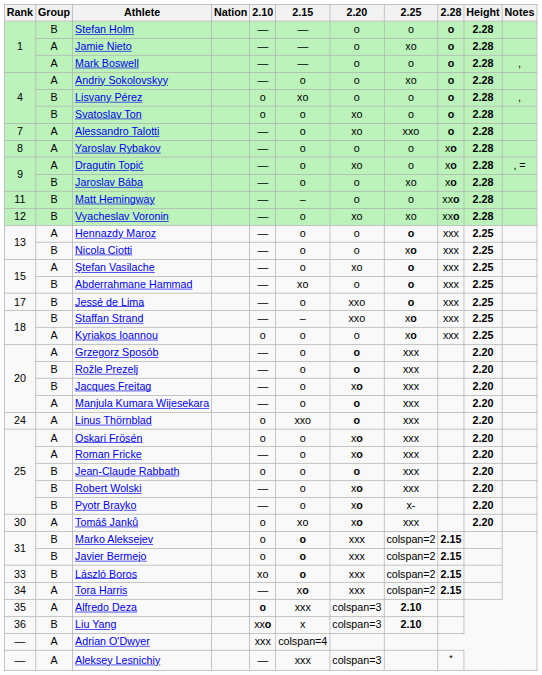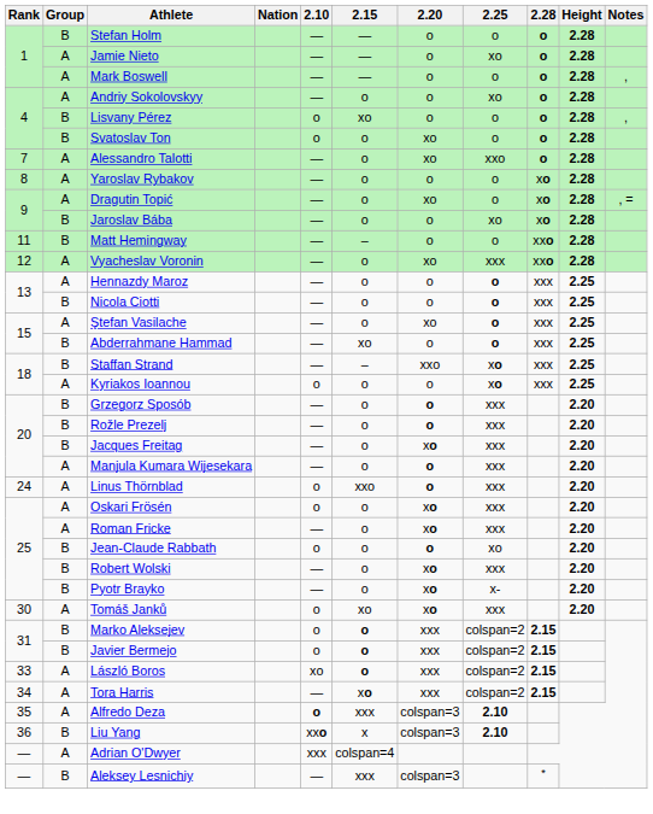 <table class="wikitable sortable" style="text-align:center">
 <tr>
 <th>Rank</th>
 <th>Group</th>
 <th>Athlete</th>
 <th>Nation</th>
 <th>2.10</th>
 <th>2.15</th>
 <th>2.20</th>
 <th>2.25</th>
 <th>2.28</th>
 <th>Height</th>
 <th>Notes</th>
 </tr>
 <tr bgcolor=bbf3bb>
 <td rowspan=3>1</td>
 <td>B</td>
 <td align="left"><a href='#'>Stefan Holm</a></td>
 <td align="left"></td>
 <td>—</td>
 <td>—</td>
 <td>o</td>
 <td>o</td>
 <td><strong>o</strong></td>
 <td><strong>2.28</strong></td>
 <td></td>
 </tr>
 <tr bgcolor=bbf3bb>
 <td>A</td>
 <td align="left"><a href='#'>Jamie Nieto</a></td>
 <td align="left"></td>
 <td>—</td>
 <td>—</td>
 <td>o</td>
 <td>xo</td>
 <td><strong>o</strong></td>
 <td><strong>2.28</strong></td>
 <td></td>
 </tr>
 <tr bgcolor=bbf3bb>
 <td>A</td>
 <td align="left"><a href='#'>Mark Boswell</a></td>
 <td align="left"></td>
 <td>—</td>
 <td>—</td>
 <td>o</td>
 <td>o</td>
 <td><strong>o</strong></td>
 <td><strong>2.28</strong></td>
 <td>, </td>
 </tr>
 <tr bgcolor=bbf3bb>
 <td rowspan=3>4</td>
 <td>A</td>
 <td align="left"><a href='#'>Andriy Sokolovskyy</a></td>
 <td align="left"></td>
 <td>—</td>
 <td>o</td>
 <td>o</td>
 <td>xo</td>
 <td><strong>o</strong></td>
 <td><strong>2.28</strong></td>
 <td></td>
 </tr>
 <tr bgcolor=bbf3bb>
 <td>B</td>
 <td align="left"><a href='#'>Lisvany Pérez</a></td>
 <td align="left"></td>
 <td>o</td>
 <td>xo</td>
 <td>o</td>
 <td>o</td>
 <td><strong>o</strong></td>
 <td><strong>2.28</strong></td>
 <td>, </td>
 </tr>
 <tr bgcolor=bbf3bb>
 <td>B</td>
 <td align="left"><a href='#'>Svatoslav Ton</a></td>
 <td align="left"></td>
 <td>o</td>
 <td>o</td>
 <td>xo</td>
 <td>o</td>
 <td><strong>o</strong></td>
 <td><strong>2.28</strong></td>
 <td></td>
 </tr>
 <tr bgcolor=bbf3bb>
 <td>7</td>
 <td>A</td>
 <td align="left"><a href='#'>Alessandro Talotti</a></td>
 <td align="left"></td>
 <td>—</td>
 <td>o</td>
 <td>xo</td>
 <td>xxo</td>
 <td><strong>o</strong></td>
 <td><strong>2.28</strong></td>
 <td></td>
 </tr>
 <tr bgcolor=bbf3bb>
 <td>8</td>
 <td>A</td>
 <td align="left"><a href='#'>Yaroslav Rybakov</a></td>
 <td align="left"></td>
 <td>—</td>
 <td>o</td>
 <td>o</td>
 <td>o</td>
 <td>x<strong>o</strong></td>
 <td><strong>2.28</strong></td>
 <td></td>
 </tr>
 <tr bgcolor=bbf3bb>
 <td rowspan=2>9</td>
 <td>A</td>
 <td align="left"><a href='#'>Dragutin Topić</a></td>
 <td align="left"></td>
 <td>—</td>
 <td>o</td>
 <td>xo</td>
 <td>o</td>
 <td>x<strong>o</strong></td>
 <td><strong>2.28</strong></td>
 <td>, =</td>
 </tr>
 <tr bgcolor=bbf3bb>
 <td>B</td>
 <td align="left"><a href='#'>Jaroslav Bába</a></td>
 <td align="left"></td>
 <td>—</td>
 <td>o</td>
 <td>o</td>
 <td>xo</td>
 <td>x<strong>o</strong></td>
 <td><strong>2.28</strong></td>
 <td></td>
 </tr>
 <tr bgcolor=bbf3bb>
 <td>11</td>
 <td>B</td>
 <td align="left"><a href='#'>Matt Hemingway</a></td>
 <td align="left"></td>
 <td>—</td>
 <td>–</td>
 <td>o</td>
 <td>o</td>
 <td>xx<strong>o</strong></td>
 <td><strong>2.28</strong></td>
 <td></td>
 </tr>
 <tr bgcolor=bbf3bb>
 <td>12</td>
-<td>B</td>
+<td>A</td>
 <td align="left"><a href='#'>Vyacheslav Voronin</a></td>
 <td align="left"></td>
 <td>—</td>
 <td>o</td>
 <td>xo</td>
-<td>xo</td>
+<td>xxx</td>
 <td>xx<strong>o</strong></td>
 <td><strong>2.28</strong></td>
 <td></td>
 </tr>
 <tr>
 <td rowspan=2>13</td>
 <td>A</td>
 <td align="left"><a href='#'>Hennazdy Maroz</a></td>
 <td align="left"></td>
 <td>—</td>
 <td>o</td>
 <td>o</td>
 <td><strong>o</strong></td>
 <td>xxx</td>
 <td><strong>2.25</strong></td>
 <td></td>
 </tr>
 <tr>
 <td>B</td>
 <td align="left"><a href='#'>Nicola Ciotti</a></td>
 <td align="left"></td>
 <td>—</td>
 <td>o</td>
 <td>o</td>
-<td>x<strong>o</strong></td>
+<td><strong>o</strong></td>
 <td>xxx</td>
 <td><strong>2.25</strong></td>
 <td></td>
 </tr>
 <tr>
 <td rowspan=2>15</td>
 <td>A</td>
 <td align="left"><a href='#'>Ştefan Vasilache</a></td>
 <td align="left"></td>
 <td>—</td>
 <td>o</td>
 <td>xo</td>
 <td><strong>o</strong></td>
 <td>xxx</td>
 <td><strong>2.25</strong></td>
 <td></td>
 </tr>
 <tr>
 <td>B</td>
 <td align="left"><a href='#'>Abderrahmane Hammad</a></td>
 <td align="left"></td>
 <td>—</td>
 <td>xo</td>
 <td>o</td>
-<td><strong>o</strong></td>
-<td>xxx</td>
-<td><strong>2.25</strong></td>
-<td></td>
-</tr>
-<tr>
-<td>17</td>
-<td>B</td>
-<td align="left"><a href='#'>Jessé de Lima</a></td>
-<td align="left"></td>
-<td>—</td>
-<td>o</td>
-<td>xxo</td>
 <td><strong>o</strong></td>
 <td>xxx</td>
 <td><strong>2.25</strong></td>
 <td></td>
 </tr>
 <tr>
 <td rowspan=2>18</td>
 <td>B</td>
 <td align="left"><a href='#'>Staffan Strand</a></td>
 <td align="left"></td>
 <td>—</td>
 <td>–</td>
 <td>xxo</td>
 <td>x<strong>o</strong></td>
 <td>xxx</td>
 <td><strong>2.25</strong></td>
 <td></td>
 </tr>
 <tr>
 <td>A</td>
 <td align="left"><a href='#'>Kyriakos Ioannou</a></td>
 <td align="left"></td>
 <td>o</td>
 <td>o</td>
 <td>o</td>
 <td>x<strong>o</strong></td>
 <td>xxx</td>
 <td><strong>2.25</strong></td>
 <td></td>
 </tr>
 <tr>
 <td rowspan=4>20</td>
-<td>A</td>
+<td>B</td>
 <td align="left"><a href='#'>Grzegorz Sposób</a></td>
 <td align="left"></td>
 <td>—</td>
 <td>o</td>
 <td><strong>o</strong></td>
 <td>xxx</td>
 <td></td>
 <td><strong>2.20</strong></td>
 <td></td>
 </tr>
 <tr>
 <td>B</td>
 <td align="left"><a href='#'>Rožle Prezelj</a></td>
 <td align="left"></td>
 <td>—</td>
 <td>o</td>
 <td><strong>o</strong></td>
 <td>xxx</td>
 <td></td>
 <td><strong>2.20</strong></td>
 <td></td>
 </tr>
 <tr>
 <td>B</td>
 <td align="left"><a href='#'>Jacques Freitag</a></td>
 <td align="left"></td>
 <td>—</td>
 <td>o</td>
 <td>x<strong>o</strong></td>
 <td>xxx</td>
 <td></td>
 <td><strong>2.20</strong></td>
 <td></td>
 </tr>
 <tr>
 <td>A</td>
 <td align="left"><a href='#'>Manjula Kumara Wijesekara</a></td>
 <td align="left"></td>
 <td>—</td>
 <td>o</td>
 <td><strong>o</strong></td>
 <td>xxx</td>
 <td></td>
 <td><strong>2.20</strong></td>
 <td></td>
 </tr>
 <tr>
 <td>24</td>
 <td>A</td>
 <td align="left"><a href='#'>Linus Thörnblad</a></td>
 <td align="left"></td>
 <td>o</td>
 <td>xxo</td>
 <td><strong>o</strong></td>
 <td>xxx</td>
 <td></td>
 <td><strong>2.20</strong></td>
 <td></td>
 </tr>
 <tr>
 <td rowspan=5>25</td>
 <td>A</td>
 <td align="left"><a href='#'>Oskari Frösén</a></td>
 <td align="left"></td>
 <td>o</td>
 <td>o</td>
 <td>x<strong>o</strong></td>
 <td>xxx</td>
 <td></td>
 <td><strong>2.20</strong></td>
 <td></td>
 </tr>
 <tr>
 <td>A</td>
 <td align="left"><a href='#'>Roman Fricke</a></td>
 <td align="left"></td>
 <td>—</td>
 <td>o</td>
 <td>x<strong>o</strong></td>
 <td>xxx</td>
 <td></td>
 <td><strong>2.20</strong></td>
 <td></td>
 </tr>
 <tr>
 <td>B</td>
 <td align="left"><a href='#'>Jean-Claude Rabbath</a></td>
 <td align="left"></td>
 <td>o</td>
 <td>o</td>
 <td><strong>o</strong></td>
-<td>xxx</td>
+<td>xo</td>
 <td></td>
 <td><strong>2.20</strong></td>
 <td></td>
 </tr>
 <tr>
 <td>B</td>
 <td align="left"><a href='#'>Robert Wolski</a></td>
 <td align="left"></td>
 <td>—</td>
 <td>o</td>
 <td>x<strong>o</strong></td>
 <td>xxx</td>
 <td></td>
 <td><strong>2.20</strong></td>
 <td></td>
 </tr>
 <tr>
 <td>B</td>
 <td align="left"><a href='#'>Pyotr Brayko</a></td>
 <td align="left"></td>
 <td>—</td>
 <td>o</td>
 <td>x<strong>o</strong></td>
 <td>x-</td>
 <td></td>
 <td><strong>2.20</strong></td>
 <td></td>
 </tr>
 <tr>
 <td>30</td>
 <td>A</td>
 <td align="left"><a href='#'>Tomáš Janků</a></td>
 <td align="left"></td>
 <td>o</td>
 <td>xo</td>
 <td>x<strong>o</strong></td>
 <td>xxx</td>
 <td></td>
 <td><strong>2.20</strong></td>
 <td></td>
 </tr>
 <tr>
 <td rowspan=2>31</td>
 <td>B</td>
 <td align="left"><a href='#'>Marko Aleksejev</a></td>
 <td align="left"></td>
 <td>o</td>
 <td><strong>o</strong></td>
 <td>xxx</td>
 <td>colspan=2 </td>
 <td><strong>2.15</strong></td>
 <td></td>
 </tr>
 <tr>
 <td>B</td>
 <td align="left"><a href='#'>Javier Bermejo</a></td>
 <td align="left"></td>
 <td>o</td>
 <td><strong>o</strong></td>
 <td>xxx</td>
 <td>colspan=2 </td>
 <td><strong>2.15</strong></td>
 <td></td>
 </tr>
 <tr>
 <td>33</td>
-<td>B</td>
+<td>A</td>
 <td align="left"><a href='#'>László Boros</a></td>
 <td align="left"></td>
 <td>xo</td>
 <td><strong>o</strong></td>
 <td>xxx</td>
 <td>colspan=2 </td>
 <td><strong>2.15</strong></td>
 <td></td>
 </tr>
 <tr>
 <td>34</td>
 <td>A</td>
 <td align="left"><a href='#'>Tora Harris</a></td>
 <td align="left"></td>
 <td>—</td>
 <td>x<strong>o</strong></td>
 <td>xxx</td>
 <td>colspan=2 </td>
 <td><strong>2.15</strong></td>
 <td></td>
 </tr>
 <tr>
 <td>35</td>
 <td>A</td>
 <td align="left"><a href='#'>Alfredo Deza</a></td>
 <td align="left"></td>
 <td><strong>o</strong></td>
 <td>xxx</td>
 <td>colspan=3 </td>
 <td><strong>2.10</strong></td>
 <td></td>
 </tr>
 <tr>
 <td>36</td>
 <td>B</td>
 <td align="left"><a href='#'>Liu Yang</a></td>
 <td align="left"></td>
 <td>xx<strong>o</strong></td>
 <td>x</td>
 <td>colspan=3 </td>
 <td><strong>2.10</strong></td>
 <td></td>
 </tr>
 <tr>
 <td data-sort-value=37>—</td>
 <td>A</td>
 <td align="left"><a href='#'>Adrian O'Dwyer</a></td>
 <td align="left"></td>
 <td>xxx</td>
 <td>colspan=4 </td>
 <td><strong></strong></td>
 <td></td>
 </tr>
 <tr>
 <td data-sort-value=38>—</td>
-<td>A</td>
+<td>B</td>
 <td align="left"><a href='#'>Aleksey Lesnichiy</a></td>
 <td align="left"></td>
 <td>—</td>
 <td>xxx</td>
 <td>colspan=3 </td>
 <td><strong></strong></td>
 <td><sup>*</sup></td>
 </tr>
 </table>
